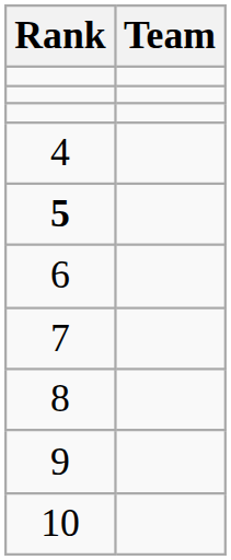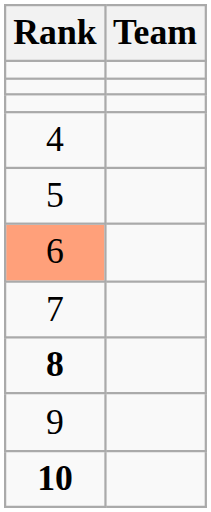 <table class="wikitable sortable">
 <tr>
 <th>Rank</th>
 <th>Team</th>
 </tr>
 <tr>
 <td align=center></td>
 <td></td>
 </tr>
 <tr>
 <td align=center></td>
 <td></td>
 </tr>
 <tr>
 <td align=center></td>
 <td></td>
 </tr>
 <tr>
 <td align=center>4</td>
 <td></td>
 </tr>
 <tr>
-<td align=center><strong>5</strong></td>
+<td align=center>5</td>
 <td></td>
 </tr>
 <tr>
-<td align=center>6</td>
+<td align=center style="background: lightsalmon;">6</td>
 <td></td>
 </tr>
 <tr>
 <td align=center>7</td>
 <td></td>
 </tr>
 <tr>
-<td align=center>8</td>
+<td align=center><strong>8</strong></td>
 <td></td>
 </tr>
 <tr>
 <td align=center>9</td>
 <td></td>
 </tr>
 <tr>
-<td align=center>10</td>
+<td align=center><strong>10</strong></td>
 <td></td>
 </tr>
 </table>
